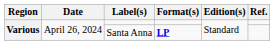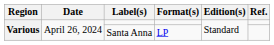 <table class="wikitable plainrowheaders">
 <tr>
 <th scope="col">Region</th>
 <th scope="col">Date</th>
 <th scope="col">Label(s)</th>
 <th scope="col">Format(s)</th>
 <th scope="col">Edition(s)</th>
 <th scope="col">Ref.</th>
 </tr>
 <tr>
 <th scope="row" rowspan="2">Various</th>
 <td rowspan="2">April 26, 2024</td>
 <td></td>
 <td></td>
 <td rowspan="2">Standard</td>
 <td style="text-align: center"></td>
 </tr>
 <tr>
 <td>Santa Anna</td>
-<td><strong><a href='#'>LP</a></strong></td>
+<td><a href='#'>LP</a></td>
 <td style="text-align: center"></td>
 </tr>
 </table>
